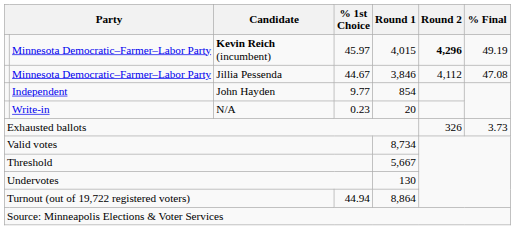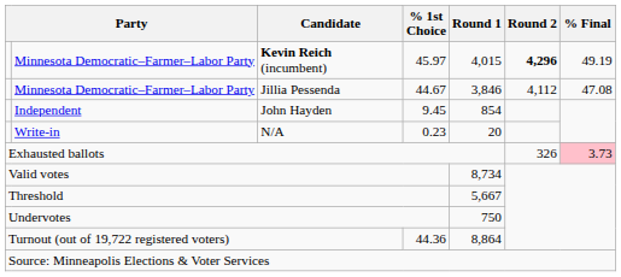 <table class="wikitable">
 <tr>
 <th colspan="2" style="width:290px">Party</th>
 <th style="width:165px">Candidate</th>
 <th>% 1st<br>Choice</th>
 <th>Round 1</th>
 <th>Round 2</th>
 <th style="width:58px;">% Final</th>
 </tr>
 <tr>
 <td style="background-color:"></td>
 <td><a href='#'>Minnesota Democratic–Farmer–Labor Party</a></td>
 <td><strong>Kevin Reich</strong> (incumbent)</td>
 <td align="right">45.97</td>
 <td align="right">4,015</td>
 <td align="right"><strong>4,296</strong></td>
 <td align="right">49.19</td>
 </tr>
 <tr>
 <td style="background-color:"></td>
 <td><a href='#'>Minnesota Democratic–Farmer–Labor Party</a></td>
 <td>Jillia Pessenda</td>
 <td align="right">44.67</td>
 <td align="right">3,846</td>
 <td align="right">4,112</td>
 <td align="right">47.08</td>
 </tr>
 <tr>
 <td style="background-color:"></td>
 <td><a href='#'>Independent</a></td>
 <td>John Hayden</td>
-<td align="right">9.77</td>
+<td align="right">9.45</td>
 <td align="right">854</td>
 <td></td>
 <td rowspan="2"></td>
 </tr>
 <tr>
 <td style="background-color:"></td>
 <td><a href='#'>Write-in</a></td>
 <td>N/A</td>
 <td align="right">0.23</td>
 <td align="right">20</td>
 <td></td>
 </tr>
 <tr>
 <td colspan="5">Exhausted ballots</td>
 <td align="right">326</td>
-<td align="right">3.73</td>
+<td align="right" style="background: pink;">3.73</td>
 </tr>
 <tr>
 <td colspan="4">Valid votes</td>
 <td align="right">8,734</td>
 <td colspan="2" rowspan="4"></td>
 </tr>
 <tr>
 <td colspan="4">Threshold</td>
 <td align="right">5,667</td>
 </tr>
 <tr>
 <td colspan="4">Undervotes</td>
-<td align="right">130</td>
+<td align="right">750</td>
 </tr>
 <tr>
 <td colspan="3">Turnout (out of 19,722 registered voters)</td>
-<td align="right">44.94</td>
+<td align="right">44.36</td>
 <td align="right">8,864</td>
 </tr>
 <tr>
 <td colspan="7">Source: Minneapolis Elections & Voter Services</td>
 </tr>
 </table>
